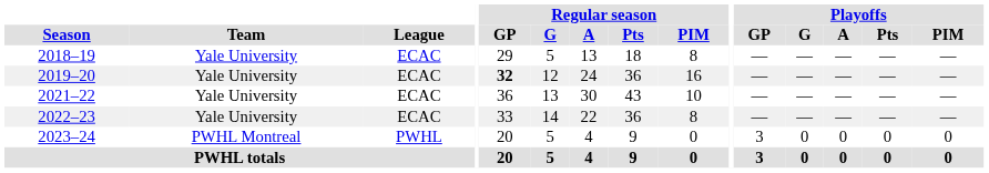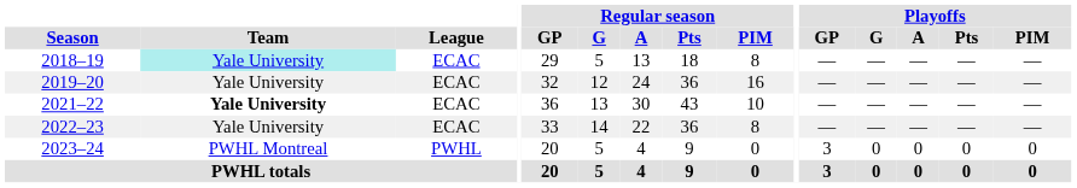 <table border="0" cellpadding="1" cellspacing="0" style="text-align:center; width:60em">
 <tr bgcolor="#e0e0e0">
 <th colspan="3" bgcolor="#ffffff"></th>
 <th rowspan="97" bgcolor="#ffffff"></th>
 <th colspan="5"><a href='#'>Regular season</a></th>
 <th rowspan="97" bgcolor="#ffffff"></th>
 <th colspan="5"><a href='#'>Playoffs</a></th>
 </tr>
 <tr bgcolor="#e0e0e0">
 <th><a href='#'>Season</a></th>
 <th>Team</th>
 <th>League</th>
 <th>GP</th>
 <th><a href='#'>G</a></th>
 <th><a href='#'>A</a></th>
 <th><a href='#'>Pts</a></th>
 <th><a href='#'>PIM</a></th>
 <th>GP</th>
 <th>G</th>
 <th>A</th>
 <th>Pts</th>
 <th>PIM</th>
 </tr>
 <tr>
 <td><a href='#'>2018–19</a></td>
-<td><a href='#'>Yale University</a></td>
+<td style="background: paleturquoise;"><a href='#'>Yale University</a></td>
 <td><a href='#'>ECAC</a></td>
 <td>29</td>
 <td>5</td>
 <td>13</td>
 <td>18</td>
 <td>8</td>
 <td>—</td>
 <td>—</td>
 <td>—</td>
 <td>—</td>
 <td>—</td>
 </tr>
 <tr bgcolor="#f0f0f0">
 <td><a href='#'>2019–20</a></td>
 <td>Yale University</td>
 <td>ECAC</td>
-<td><strong>32</strong></td>
+<td>32</td>
 <td>12</td>
 <td>24</td>
 <td>36</td>
 <td>16</td>
 <td>—</td>
 <td>—</td>
 <td>—</td>
 <td>—</td>
 <td>—</td>
 </tr>
 <tr>
 <td><a href='#'>2021–22</a></td>
-<td>Yale University</td>
+<td><strong>Yale University</strong></td>
 <td>ECAC</td>
 <td>36</td>
 <td>13</td>
 <td>30</td>
 <td>43</td>
 <td>10</td>
 <td>—</td>
 <td>—</td>
 <td>—</td>
 <td>—</td>
 <td>—</td>
 </tr>
 <tr bgcolor="#f0f0f0">
 <td><a href='#'>2022–23</a></td>
 <td>Yale University</td>
 <td>ECAC</td>
 <td>33</td>
 <td>14</td>
 <td>22</td>
 <td>36</td>
 <td>8</td>
 <td>—</td>
 <td>—</td>
 <td>—</td>
 <td>—</td>
 <td>—</td>
 </tr>
 <tr>
 <td><a href='#'>2023–24</a></td>
 <td><a href='#'>PWHL Montreal</a></td>
 <td><a href='#'>PWHL</a></td>
 <td>20</td>
 <td>5</td>
 <td>4</td>
 <td>9</td>
 <td>0</td>
 <td>3</td>
 <td>0</td>
 <td>0</td>
 <td>0</td>
 <td>0</td>
 </tr>
 <tr bgcolor="#e0e0e0">
 <th colspan="3">PWHL totals</th>
 <th>20</th>
 <th>5</th>
 <th>4</th>
 <th>9</th>
 <th>0</th>
 <th>3</th>
 <th>0</th>
 <th>0</th>
 <th>0</th>
 <th>0</th>
 </tr>
 </table>
